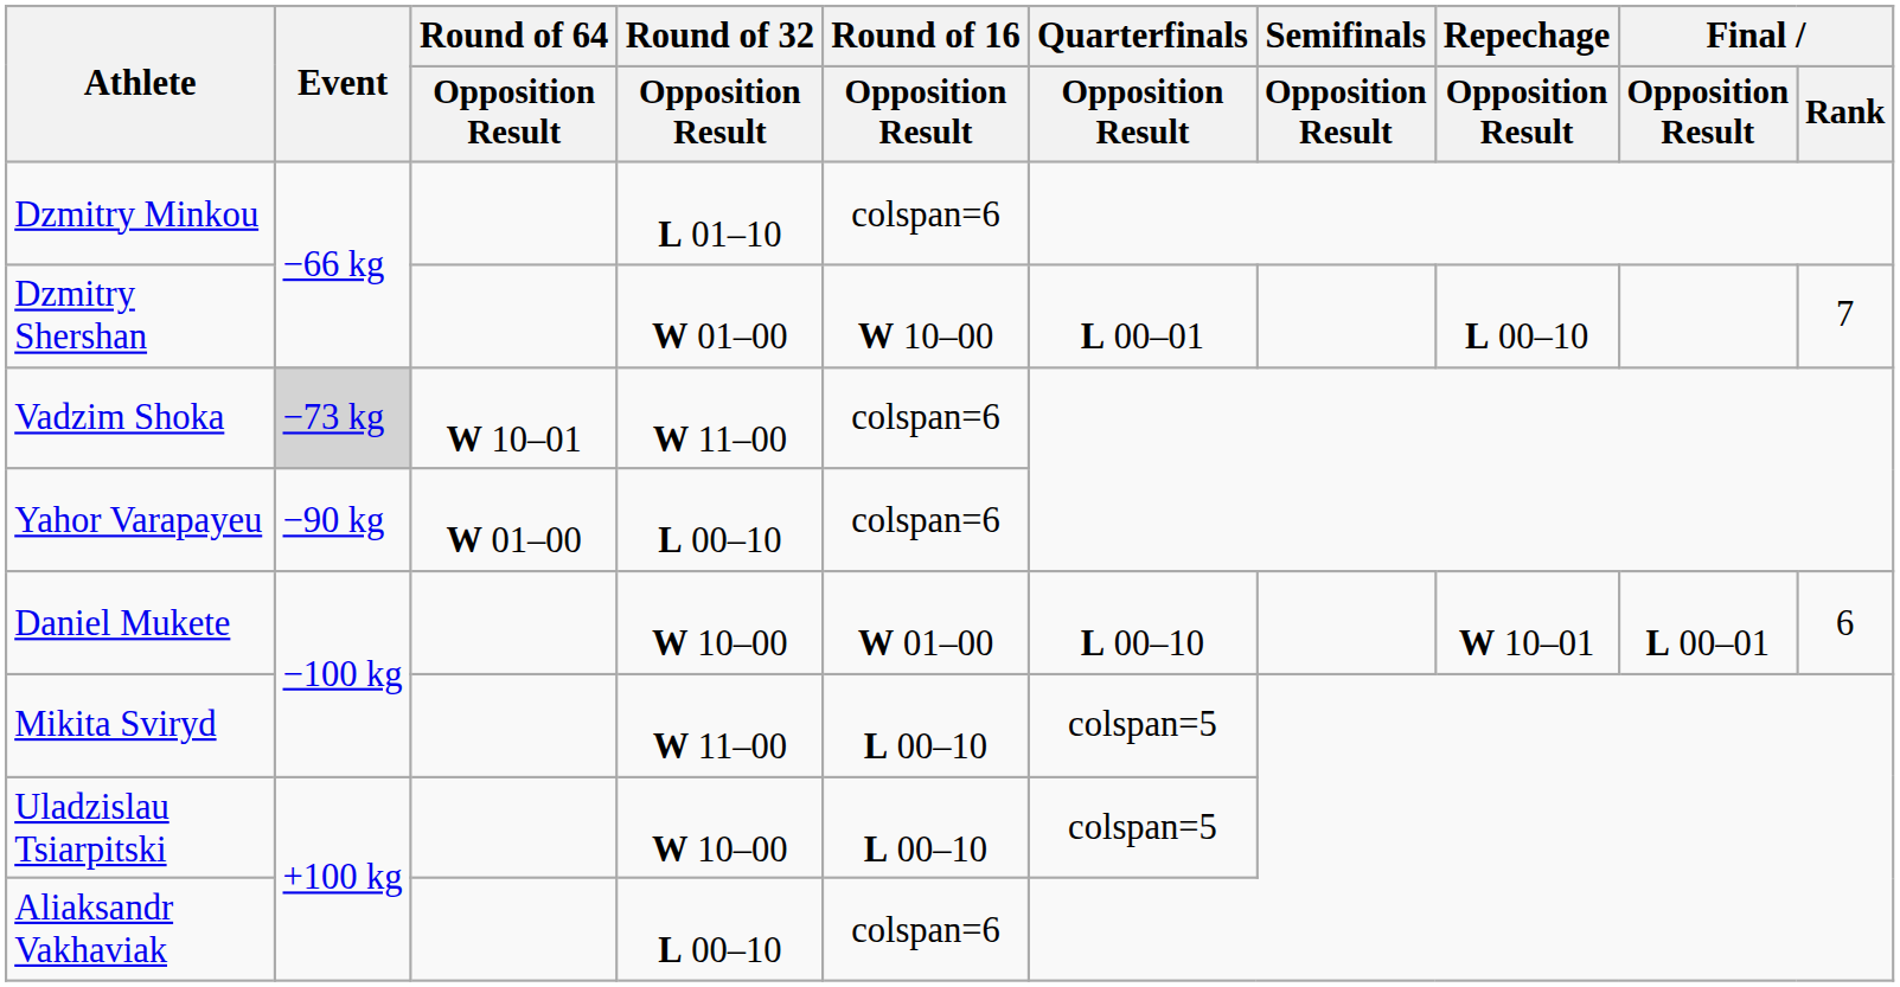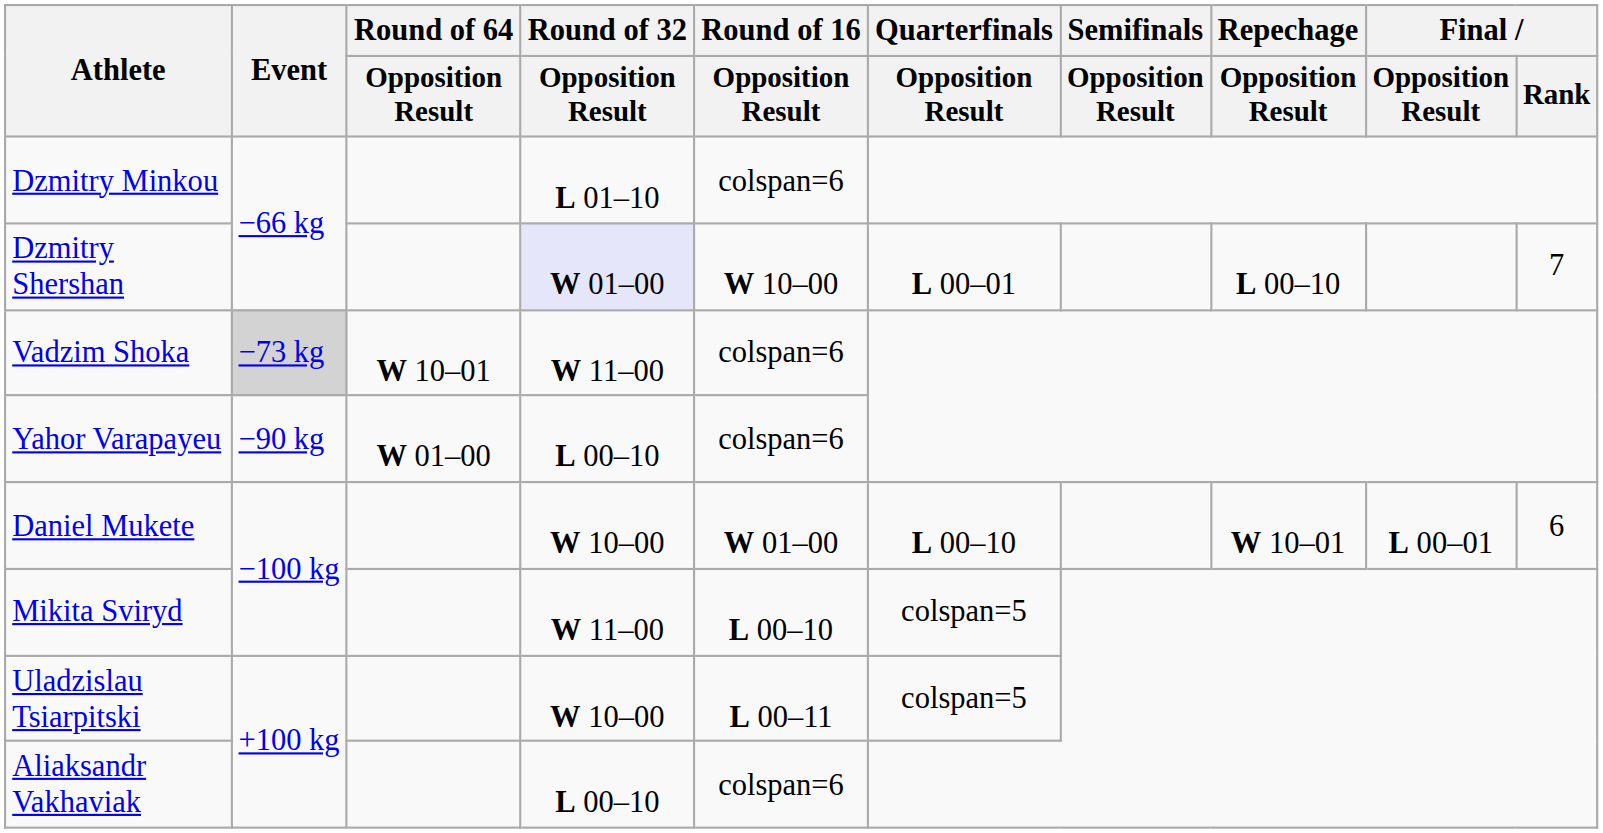 <table class="wikitable" style="text-align:center; font-size:90%">
 <tr>
 <th rowspan=2 width=100>Athlete</th>
 <th rowspan=2>Event</th>
 <th>Round of 64</th>
 <th>Round of 32</th>
 <th>Round of 16</th>
 <th>Quarterfinals</th>
 <th>Semifinals</th>
 <th>Repechage</th>
 <th colspan=2>Final / </th>
 </tr>
 <tr style="font-size:95%">
 <th>Opposition<br>Result</th>
 <th>Opposition<br>Result</th>
 <th>Opposition<br>Result</th>
 <th>Opposition<br>Result</th>
 <th>Opposition<br>Result</th>
 <th>Opposition<br>Result</th>
 <th>Opposition<br>Result</th>
 <th>Rank</th>
 </tr>
 <tr>
 <td align=left><a href='#'>Dzmitry Minkou</a></td>
 <td rowspan=2 align=left><a href='#'>−66 kg</a></td>
 <td></td>
 <td><br><strong>L</strong> 01–10</td>
 <td>colspan=6 </td>
 </tr>
 <tr>
 <td align=left><a href='#'>Dzmitry Shershan</a></td>
 <td></td>
-<td><br><strong>W</strong> 01–00</td>
+<td style="background: lavender;"><br><strong>W</strong> 01–00</td>
 <td><br><strong>W</strong> 10–00</td>
 <td><br><strong>L</strong> 00–01</td>
 <td></td>
 <td><br><strong>L</strong> 00–10</td>
 <td></td>
 <td>7</td>
 </tr>
 <tr>
 <td align=left><a href='#'>Vadzim Shoka</a></td>
 <td align=left style="background: lightgrey;"><a href='#'>−73 kg</a></td>
 <td><br><strong>W</strong> 10–01</td>
 <td><br><strong>W</strong> 11–00</td>
 <td>colspan=6 </td>
 </tr>
 <tr>
 <td align=left><a href='#'>Yahor Varapayeu</a></td>
 <td align=left><a href='#'>−90 kg</a></td>
 <td><br><strong>W</strong> 01–00</td>
 <td><br><strong>L</strong> 00–10</td>
 <td>colspan=6 </td>
 </tr>
 <tr>
 <td align=left><a href='#'>Daniel Mukete</a></td>
 <td rowspan=2 align=left><a href='#'>−100 kg</a></td>
 <td></td>
 <td><br><strong>W</strong> 10–00</td>
 <td><br><strong>W</strong> 01–00</td>
 <td><br><strong>L</strong> 00–10</td>
 <td></td>
 <td><br><strong>W</strong> 10–01</td>
 <td><br><strong>L</strong> 00–01</td>
 <td>6</td>
 </tr>
 <tr>
 <td align=left><a href='#'>Mikita Sviryd</a></td>
 <td></td>
 <td><br><strong>W</strong> 11–00</td>
 <td><br><strong>L</strong> 00–10</td>
 <td>colspan=5 </td>
 </tr>
 <tr>
 <td align=left><a href='#'>Uladzislau Tsiarpitski</a></td>
 <td rowspan=2 align=left><a href='#'>+100 kg</a></td>
 <td></td>
 <td><br><strong>W</strong> 10–00</td>
-<td><br><strong>L</strong> 00–10</td>
+<td><br><strong>L</strong> 00–11</td>
 <td>colspan=5 </td>
 </tr>
 <tr>
 <td align=left><a href='#'>Aliaksandr Vakhaviak</a></td>
 <td></td>
 <td><br><strong>L</strong> 00–10</td>
 <td>colspan=6 </td>
 </tr>
 </table>
